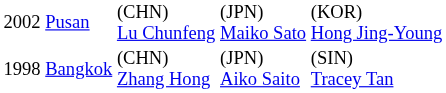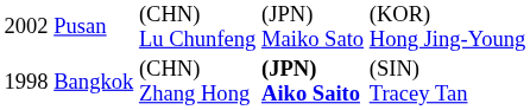 <table>
 <tr>
 <td>2002 <a href='#'>Pusan</a></td>
 <td> (CHN)<br><a href='#'>Lu Chunfeng</a></td>
 <td> (JPN)<br><a href='#'>Maiko Sato</a></td>
 <td> (KOR)<br><a href='#'>Hong Jing-Young</a></td>
 </tr>
 <tr>
 <td>1998 <a href='#'>Bangkok</a></td>
 <td> (CHN)<br><a href='#'>Zhang Hong</a></td>
-<td> (JPN)<br><a href='#'>Aiko Saito</a></td>
+<td><strong> (JPN)<br><a href='#'>Aiko Saito</a></strong></td>
 <td> (SIN)<br><a href='#'>Tracey Tan</a></td>
 </tr>
 <tr>
 </tr>
 </table>
